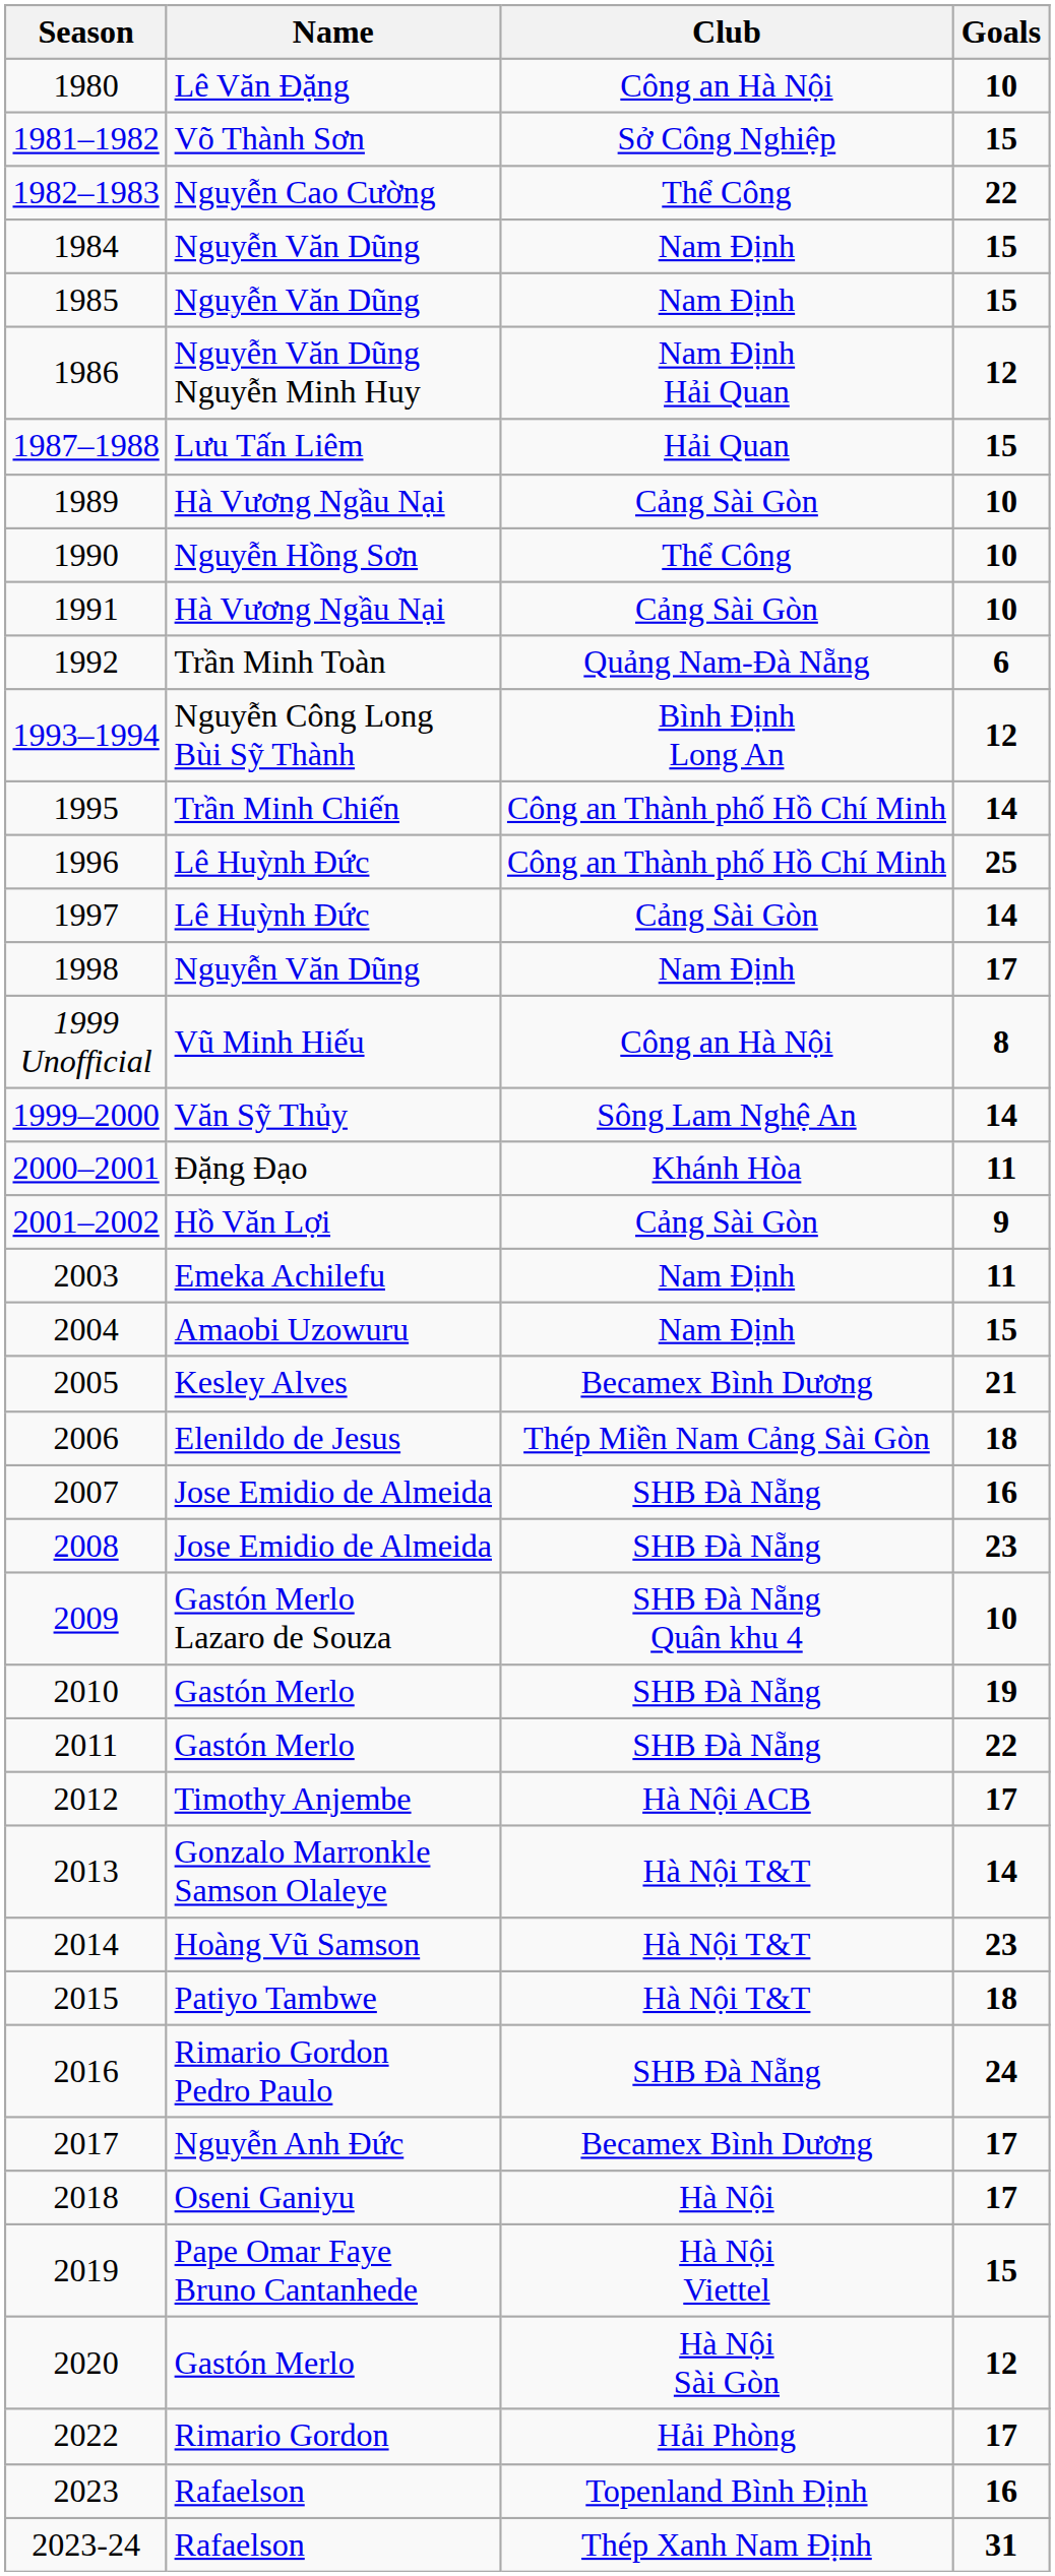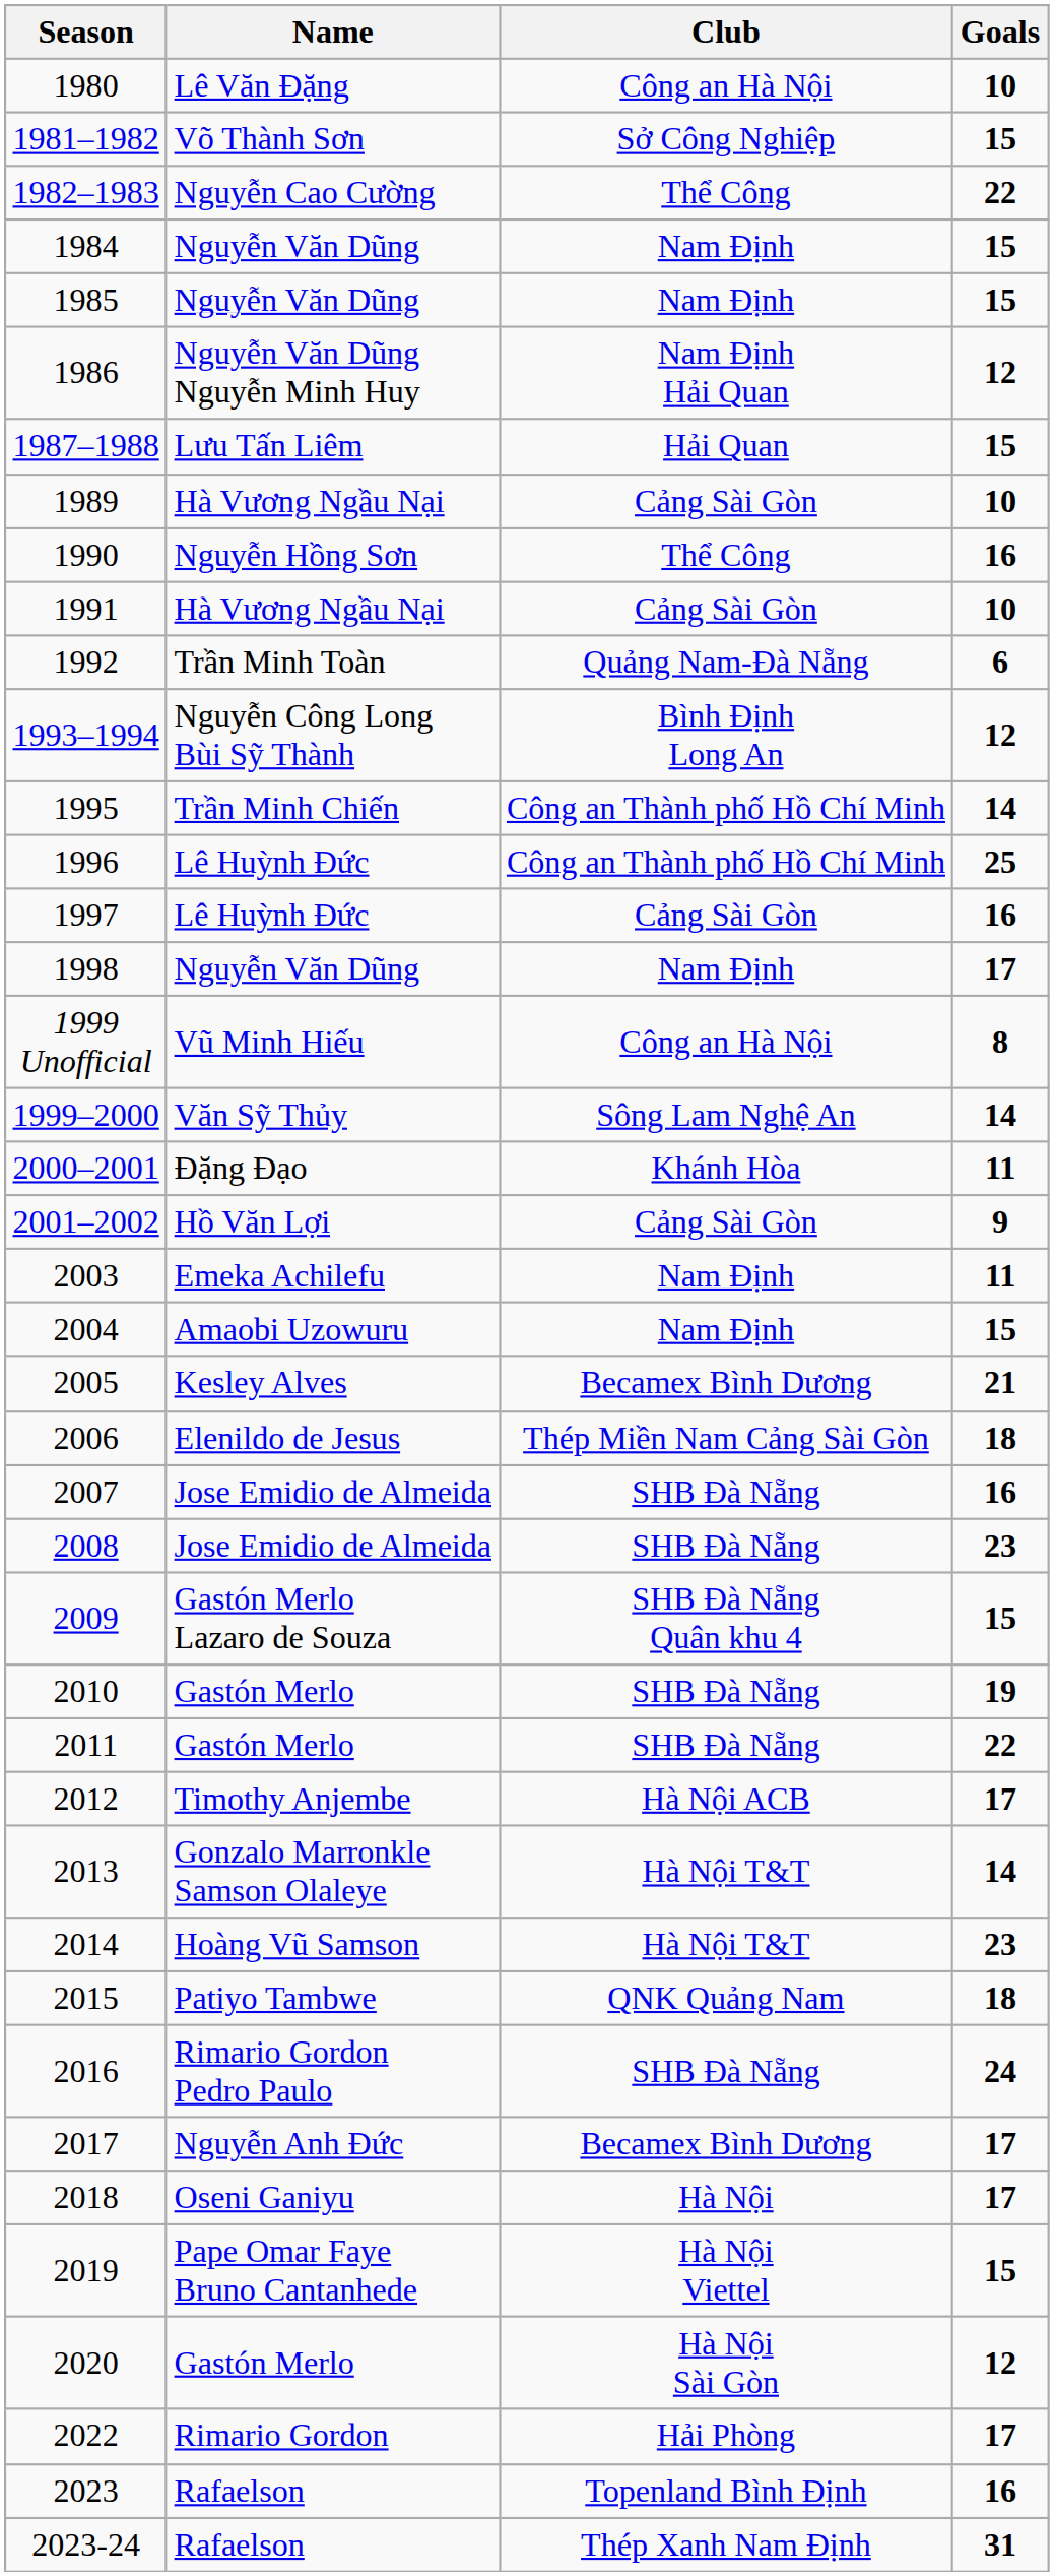 <table class="wikitable sortable" style="text-align:center; font-size:95%;">
 <tr>
 <th>Season</th>
 <th>Name</th>
 <th>Club</th>
 <th>Goals</th>
 </tr>
 <tr>
 <td>1980</td>
 <td align="left"> <a href='#'>Lê Văn Đặng</a></td>
 <td><a href='#'>Công an Hà Nội</a></td>
 <td><strong>10</strong></td>
 </tr>
 <tr>
 <td><a href='#'>1981–1982</a></td>
 <td align="left"> <a href='#'>Võ Thành Sơn</a></td>
 <td><a href='#'>Sở Công Nghiệp</a></td>
 <td><strong>15</strong></td>
 </tr>
 <tr>
 <td><a href='#'>1982–1983</a></td>
 <td align="left"> <a href='#'>Nguyễn Cao Cường</a></td>
 <td><a href='#'>Thể Công</a></td>
 <td><strong>22</strong></td>
 </tr>
 <tr>
 <td>1984</td>
 <td align="left"> <a href='#'>Nguyễn Văn Dũng</a></td>
 <td><a href='#'>Nam Định</a></td>
 <td><strong>15</strong></td>
 </tr>
 <tr>
 <td>1985</td>
 <td align="left"> <a href='#'>Nguyễn Văn Dũng</a></td>
 <td><a href='#'>Nam Định</a></td>
 <td><strong>15</strong></td>
 </tr>
 <tr>
 <td>1986</td>
 <td align="left"> <a href='#'>Nguyễn Văn Dũng</a> <br> Nguyễn Minh Huy</td>
 <td><a href='#'>Nam Định</a><br><a href='#'>Hải Quan</a></td>
 <td><strong>12</strong></td>
 </tr>
 <tr>
 <td><a href='#'>1987–1988</a></td>
 <td align="left"> <a href='#'>Lưu Tấn Liêm</a></td>
 <td><a href='#'>Hải Quan</a></td>
 <td><strong>15</strong></td>
 </tr>
 <tr>
 <td>1989</td>
 <td align="left"> <a href='#'>Hà Vương Ngầu Nại</a></td>
 <td><a href='#'>Cảng Sài Gòn</a></td>
 <td><strong>10</strong></td>
 </tr>
 <tr>
 <td>1990</td>
 <td align="left"> <a href='#'>Nguyễn Hồng Sơn</a></td>
 <td><a href='#'>Thể Công</a></td>
-<td><strong>10</strong></td>
+<td><strong>16</strong></td>
 </tr>
 <tr>
 <td>1991</td>
 <td align="left"> <a href='#'>Hà Vương Ngầu Nại</a></td>
 <td><a href='#'>Cảng Sài Gòn</a></td>
 <td><strong>10</strong></td>
 </tr>
 <tr>
 <td>1992</td>
 <td align="left"> Trần Minh Toàn</td>
 <td><a href='#'>Quảng Nam-Đà Nẵng</a></td>
 <td><strong>6</strong></td>
 </tr>
 <tr>
 <td><a href='#'>1993–1994</a></td>
 <td align="left"> Nguyễn Công Long<br>  <a href='#'>Bùi Sỹ Thành</a></td>
 <td><a href='#'>Bình Định</a><br><a href='#'>Long An</a></td>
 <td><strong>12</strong></td>
 </tr>
 <tr>
 <td>1995</td>
 <td align="left"> <a href='#'>Trần Minh Chiến</a></td>
 <td><a href='#'>Công an Thành phố Hồ Chí Minh</a></td>
 <td><strong>14</strong></td>
 </tr>
 <tr>
 <td>1996</td>
 <td align="left"> <a href='#'>Lê Huỳnh Đức</a></td>
 <td><a href='#'>Công an Thành phố Hồ Chí Minh</a></td>
 <td><strong>25</strong></td>
 </tr>
 <tr>
 <td>1997</td>
 <td align="left"> <a href='#'>Lê Huỳnh Đức</a></td>
 <td><a href='#'>Cảng Sài Gòn</a></td>
-<td><strong>14</strong></td>
+<td><strong>16</strong></td>
 </tr>
 <tr>
 <td>1998</td>
 <td align="left"> <a href='#'>Nguyễn Văn Dũng</a></td>
 <td><a href='#'>Nam Định</a></td>
 <td><strong>17</strong></td>
 </tr>
 <tr>
 <td><em>1999<br>Unofficial</em></td>
 <td align="left"> <a href='#'>Vũ Minh Hiếu</a></td>
 <td><a href='#'>Công an Hà Nội</a></td>
 <td><strong>8</strong></td>
 </tr>
 <tr>
 <td><a href='#'>1999–2000</a></td>
 <td align="left"> <a href='#'>Văn Sỹ Thủy</a></td>
 <td><a href='#'>Sông Lam Nghệ An</a></td>
 <td><strong>14</strong></td>
 </tr>
 <tr>
 <td><a href='#'>2000–2001</a></td>
 <td align="left"> Đặng Đạo</td>
 <td><a href='#'>Khánh Hòa</a></td>
 <td><strong>11</strong></td>
 </tr>
 <tr>
 <td><a href='#'>2001–2002</a></td>
 <td align="left"> <a href='#'>Hồ Văn Lợi</a></td>
 <td><a href='#'>Cảng Sài Gòn</a></td>
 <td><strong>9</strong></td>
 </tr>
 <tr>
 <td>2003</td>
 <td align="left"> <a href='#'>Emeka Achilefu</a></td>
 <td><a href='#'>Nam Định</a></td>
 <td><strong>11</strong></td>
 </tr>
 <tr>
 <td>2004</td>
 <td align="left"> <a href='#'>Amaobi Uzowuru</a></td>
 <td><a href='#'>Nam Định</a></td>
 <td><strong>15</strong></td>
 </tr>
 <tr>
 <td>2005</td>
 <td align="left"> <a href='#'>Kesley Alves</a></td>
 <td><a href='#'>Becamex Bình Dương</a></td>
 <td><strong>21</strong></td>
 </tr>
 <tr>
 <td>2006</td>
 <td align="left"> <a href='#'>Elenildo de Jesus</a></td>
 <td><a href='#'>Thép Miền Nam Cảng Sài Gòn</a></td>
 <td><strong>18</strong></td>
 </tr>
 <tr>
 <td>2007</td>
 <td align="left"> <a href='#'>Jose Emidio de Almeida</a></td>
 <td><a href='#'>SHB Đà Nẵng</a></td>
 <td><strong>16</strong></td>
 </tr>
 <tr>
 <td><a href='#'>2008</a></td>
 <td align="left"> <a href='#'>Jose Emidio de Almeida</a></td>
 <td><a href='#'>SHB Đà Nẵng</a></td>
 <td><strong>23</strong></td>
 </tr>
 <tr>
 <td><a href='#'>2009</a></td>
 <td align="left"> <a href='#'>Gastón Merlo</a><br> Lazaro de Souza</td>
 <td><a href='#'>SHB Đà Nẵng</a><br><a href='#'>Quân khu 4</a></td>
-<td><strong>10</strong></td>
+<td><strong>15</strong></td>
 </tr>
 <tr>
 <td>2010</td>
 <td align="left"> <a href='#'>Gastón Merlo</a></td>
 <td><a href='#'>SHB Đà Nẵng</a></td>
 <td><strong>19</strong></td>
 </tr>
 <tr>
 <td>2011</td>
 <td align="left"> <a href='#'>Gastón Merlo</a></td>
 <td><a href='#'>SHB Đà Nẵng</a></td>
 <td><strong>22</strong></td>
 </tr>
 <tr>
 <td>2012</td>
 <td align="left"> <a href='#'>Timothy Anjembe</a></td>
 <td><a href='#'>Hà Nội ACB</a></td>
 <td><strong>17</strong></td>
 </tr>
 <tr>
 <td>2013</td>
 <td align="left"> <a href='#'>Gonzalo Marronkle</a><br> <a href='#'>Samson Olaleye</a></td>
 <td><a href='#'>Hà Nội T&T</a></td>
 <td><strong>14</strong></td>
 </tr>
 <tr>
 <td>2014</td>
 <td align="left"> <a href='#'>Hoàng Vũ Samson</a></td>
 <td><a href='#'>Hà Nội T&T</a></td>
 <td><strong>23</strong></td>
 </tr>
 <tr>
 <td>2015</td>
 <td align="left"> <a href='#'>Patiyo Tambwe</a></td>
-<td><a href='#'>Hà Nội T&T</a></td>
+<td><a href='#'>QNK Quảng Nam</a></td>
 <td><strong>18</strong></td>
 </tr>
 <tr>
 <td>2016</td>
 <td align="left"> <a href='#'>Rimario Gordon</a><br>  <a href='#'>Pedro Paulo</a></td>
 <td><a href='#'>SHB Đà Nẵng</a></td>
 <td><strong>24</strong></td>
 </tr>
 <tr>
 <td>2017</td>
 <td align="left"> <a href='#'>Nguyễn Anh Đức</a></td>
 <td><a href='#'>Becamex Bình Dương</a></td>
 <td><strong>17</strong></td>
 </tr>
 <tr>
 <td>2018</td>
 <td align="left"> <a href='#'>Oseni Ganiyu</a></td>
 <td><a href='#'>Hà Nội</a></td>
 <td><strong>17</strong></td>
 </tr>
 <tr>
 <td>2019</td>
 <td align="left"> <a href='#'>Pape Omar Faye</a><br> <a href='#'>Bruno Cantanhede</a></td>
 <td><a href='#'>Hà Nội</a><br><a href='#'>Viettel</a></td>
 <td><strong>15</strong></td>
 </tr>
 <tr>
 <td>2020</td>
 <td align="left"> <a href='#'>Gastón Merlo</a></td>
 <td><a href='#'>Hà Nội</a><br> <a href='#'>Sài Gòn</a></td>
 <td><strong>12</strong></td>
 </tr>
 <tr>
 <td>2022</td>
 <td align="left"> <a href='#'>Rimario Gordon</a></td>
 <td><a href='#'>Hải Phòng</a></td>
 <td><strong>17</strong></td>
 </tr>
 <tr>
 <td>2023</td>
 <td align="left"> <a href='#'>Rafaelson</a></td>
 <td><a href='#'>Topenland Bình Định</a></td>
 <td><strong>16</strong></td>
 </tr>
 <tr>
 <td>2023-24</td>
 <td align="left"> <a href='#'>Rafaelson</a></td>
 <td><a href='#'>Thép Xanh Nam Định</a></td>
 <td><strong>31</strong></td>
 </tr>
 </table>
